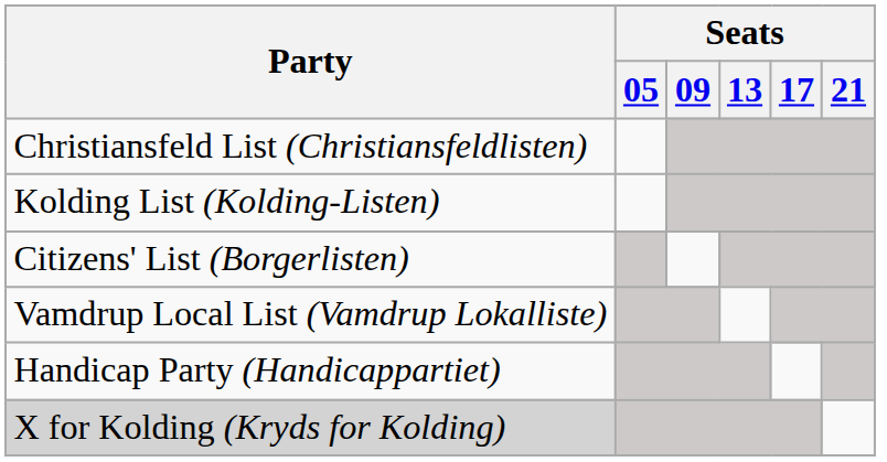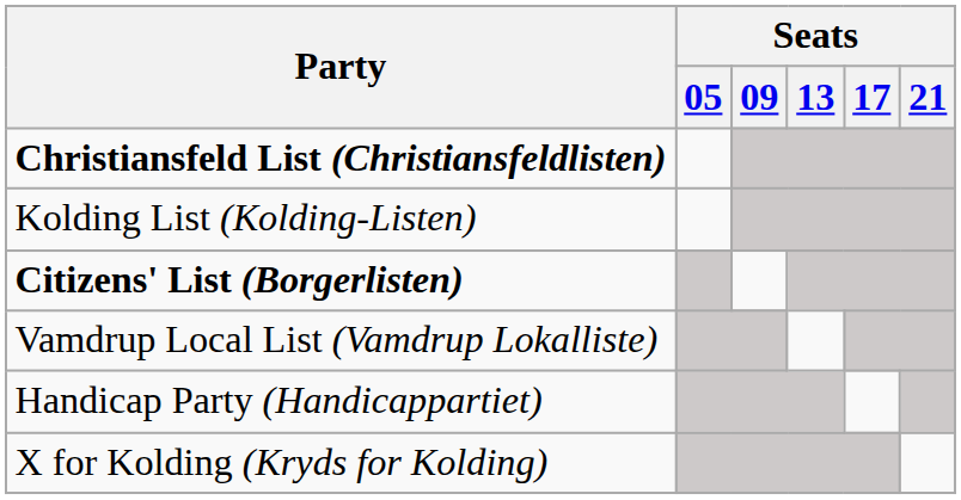 <table class="wikitable">
 <tr>
 <th rowspan=2>Party</th>
 <th colspan=11>Seats</th>
 </tr>
 <tr>
 <th><a href='#'>05</a></th>
 <th><a href='#'>09</a></th>
 <th><a href='#'>13</a></th>
 <th><a href='#'>17</a></th>
 <th><a href='#'>21</a></th>
 </tr>
 <tr>
-<td>Christiansfeld List <em>(Christiansfeldlisten)</em></td>
+<td><strong>Christiansfeld List <em>(Christiansfeldlisten)</em></strong></td>
 <td></td>
 <td style="background:#CDC9C9;" colspan=4></td>
 </tr>
 <tr>
 <td>Kolding List <em>(Kolding-Listen)</em></td>
 <td></td>
 <td style="background:#CDC9C9;" colspan=4></td>
 </tr>
 <tr>
-<td>Citizens' List <em>(Borgerlisten)</em></td>
+<td><strong>Citizens' List <em>(Borgerlisten)</em></strong></td>
 <td style="background:#CDC9C9;"></td>
 <td></td>
 <td style="background:#CDC9C9;" colspan=3></td>
 </tr>
 <tr>
 <td>Vamdrup Local List <em>(Vamdrup Lokalliste)</em></td>
 <td style="background:#CDC9C9;" colspan=2></td>
 <td></td>
 <td style="background:#CDC9C9;" colspan=2></td>
 </tr>
 <tr>
 <td>Handicap Party <em>(Handicappartiet)</em></td>
 <td style="background:#CDC9C9;" colspan=3></td>
 <td></td>
 <td style="background:#CDC9C9;"></td>
 </tr>
 <tr>
-<td style="background: lightgrey;">X for Kolding <em>(Kryds for Kolding)</em></td>
+<td>X for Kolding <em>(Kryds for Kolding)</em></td>
 <td style="background:#CDC9C9;" colspan=4></td>
 <td></td>
 </tr>
 </table>
